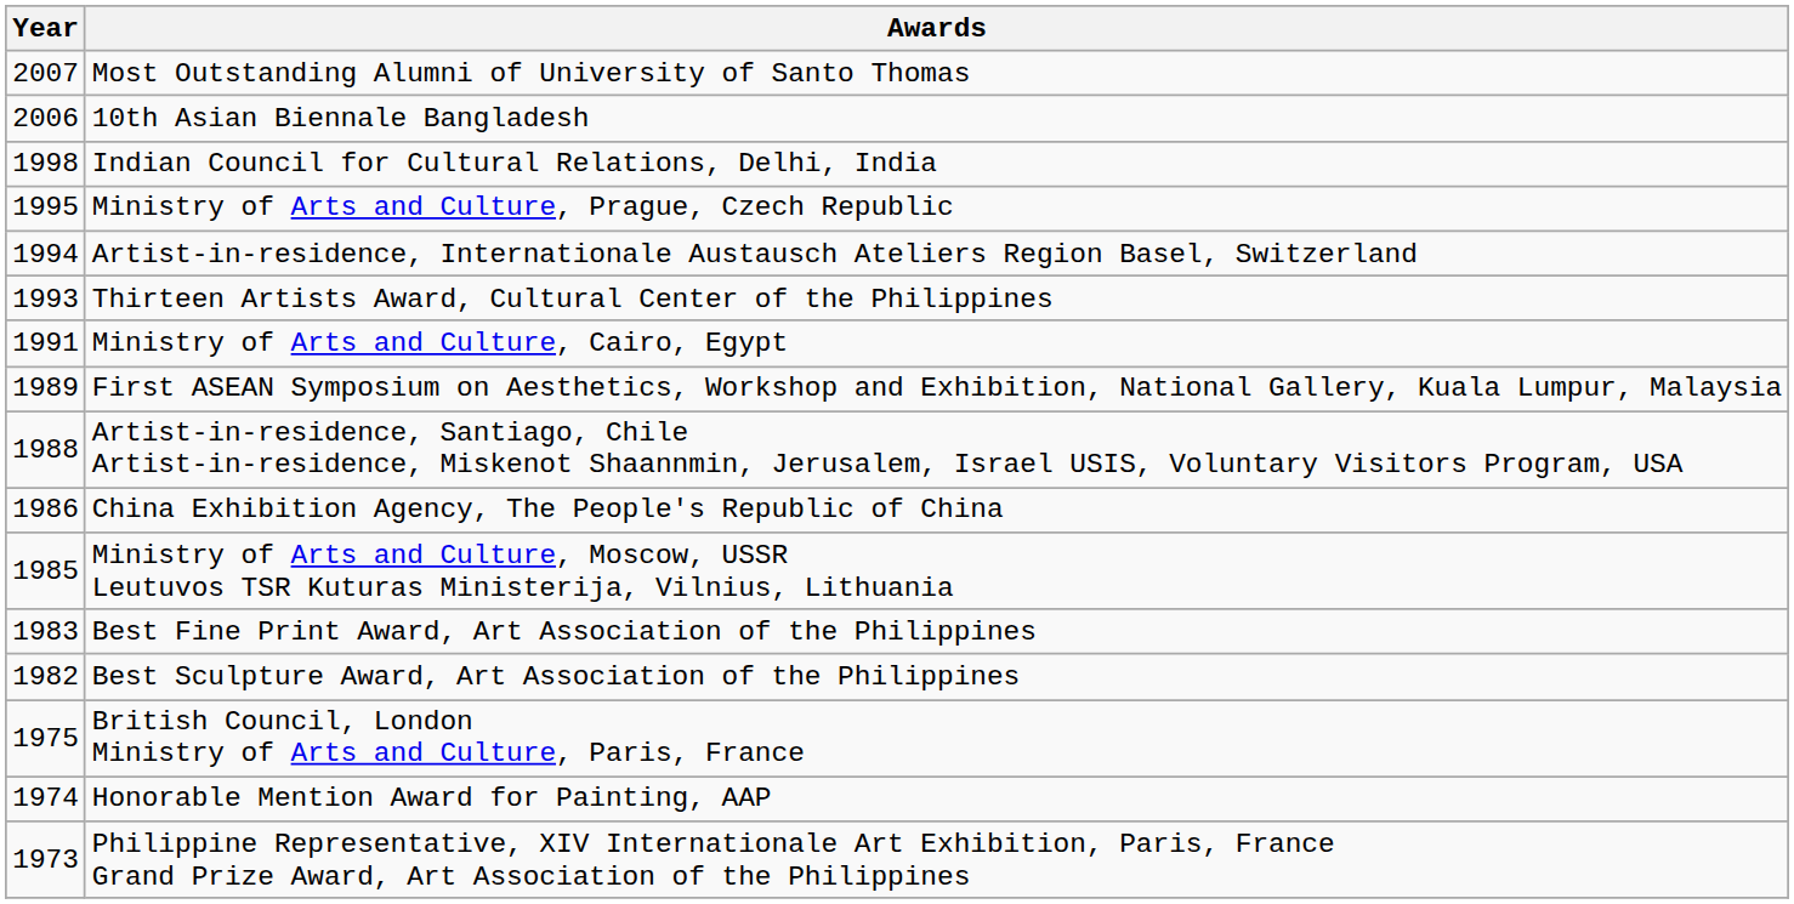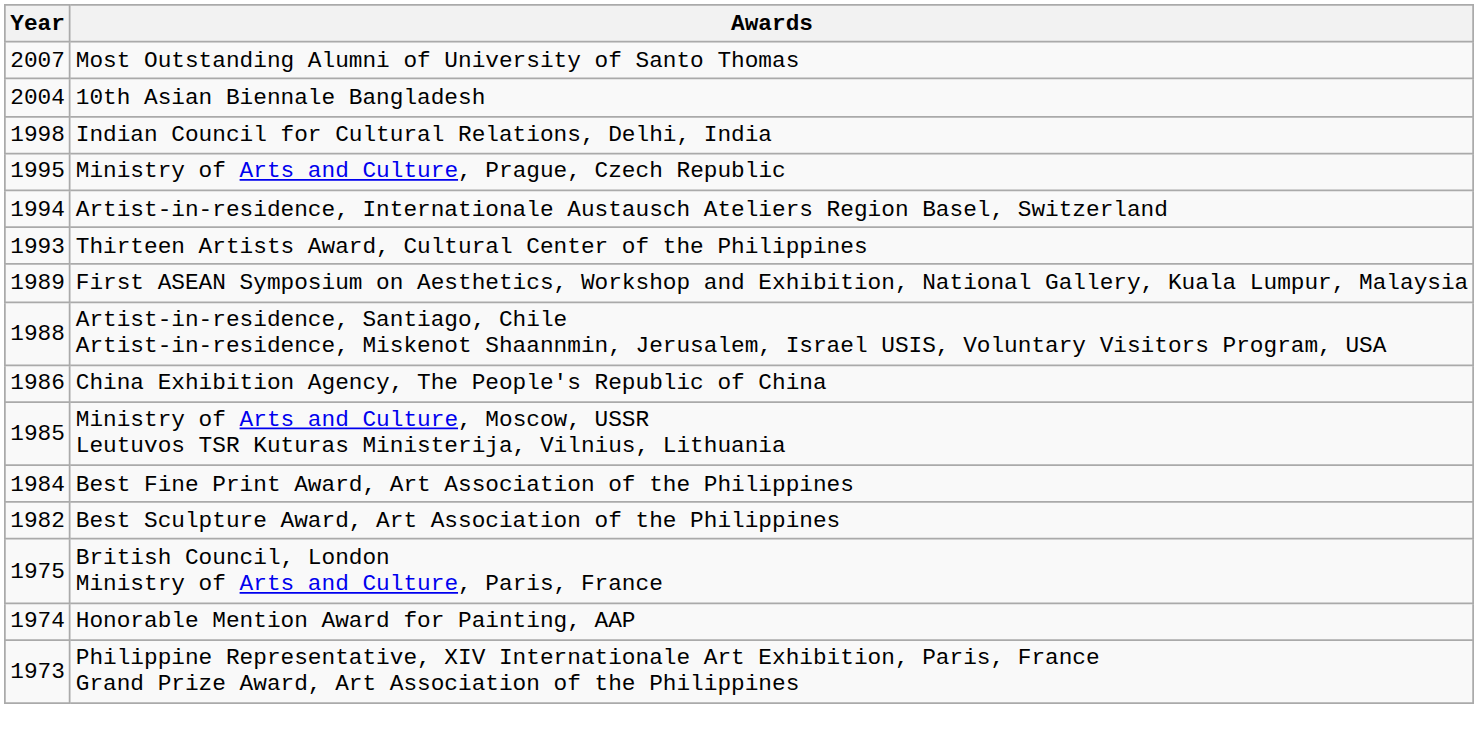 <table class="wikitable">
 <tr>
 <th>Year</th>
 <th>Awards</th>
 </tr>
 <tr>
 <td>2007</td>
 <td>Most Outstanding Alumni of University of Santo Thomas</td>
 </tr>
 <tr>
-<td>2006</td>
+<td>2004</td>
 <td>10th Asian Biennale Bangladesh</td>
 </tr>
 <tr>
 <td>1998</td>
 <td>Indian Council for Cultural Relations, Delhi, India</td>
 </tr>
 <tr>
 <td>1995</td>
 <td>Ministry of <a href='#'>Arts and Culture</a>, Prague, Czech Republic</td>
 </tr>
 <tr>
 <td>1994</td>
 <td>Artist-in-residence, Internationale Austausch Ateliers Region Basel, Switzerland</td>
 </tr>
 <tr>
 <td>1993</td>
 <td>Thirteen Artists Award, Cultural Center of the Philippines</td>
 </tr>
 <tr>
-<td>1991</td>
-<td>Ministry of <a href='#'>Arts and Culture</a>, Cairo, Egypt</td>
-</tr>
-<tr>
 <td>1989</td>
 <td>First ASEAN Symposium on Aesthetics, Workshop and Exhibition, National Gallery, Kuala Lumpur, Malaysia</td>
 </tr>
 <tr>
 <td>1988</td>
 <td>Artist-in-residence, Santiago, Chile<br>Artist-in-residence, Miskenot Shaannmin, Jerusalem, Israel USIS, Voluntary Visitors Program, USA</td>
 </tr>
 <tr>
 <td>1986</td>
 <td>China Exhibition Agency, The People's Republic of China</td>
 </tr>
 <tr>
 <td>1985</td>
 <td>Ministry of <a href='#'>Arts and Culture</a>, Moscow, USSR<br>Leutuvos TSR Kuturas Ministerija, Vilnius, Lithuania</td>
 </tr>
 <tr>
-<td>1983</td>
+<td>1984</td>
 <td>Best Fine Print Award, Art Association of the Philippines</td>
 </tr>
 <tr>
 <td>1982</td>
 <td>Best Sculpture Award, Art Association of the Philippines</td>
 </tr>
 <tr>
 <td>1975</td>
 <td>British Council, London<br>Ministry of <a href='#'>Arts and Culture</a>, Paris, France</td>
 </tr>
 <tr>
 <td>1974</td>
 <td>Honorable Mention Award for Painting, AAP</td>
 </tr>
 <tr>
 <td>1973</td>
 <td>Philippine Representative, XIV Internationale Art Exhibition, Paris, France<br>Grand Prize Award, Art Association of the Philippines</td>
 </tr>
 </table>
